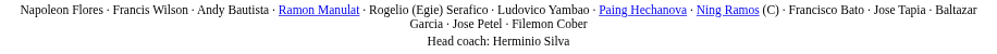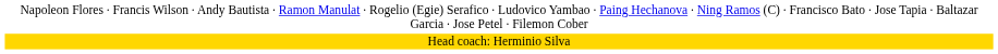 <table class="toccolours" style="margin:0.2em auto">
 <tr align=center>
 <td>Napoleon Flores ∙ Francis Wilson ∙ Andy Bautista ∙ <a href='#'>Ramon Manulat</a> ∙ Rogelio (Egie) Serafico ∙ Ludovico Yambao ∙ <a href='#'>Paing Hechanova</a> ∙ <a href='#'>Ning Ramos</a> (C) ∙ Francisco Bato ∙ Jose Tapia ∙ Baltazar Garcia ∙ Jose Petel ∙ Filemon Cober</td>
 </tr>
 <tr align=center>
-<td>Head coach: Herminio Silva</td>
+<td style="background: gold;">Head coach: Herminio Silva</td>
 </tr>
 </table>
